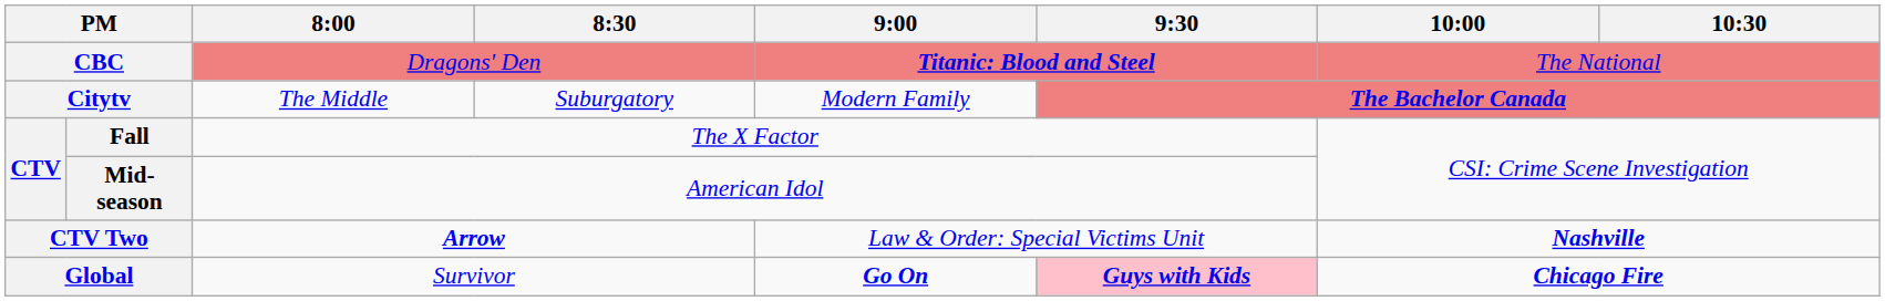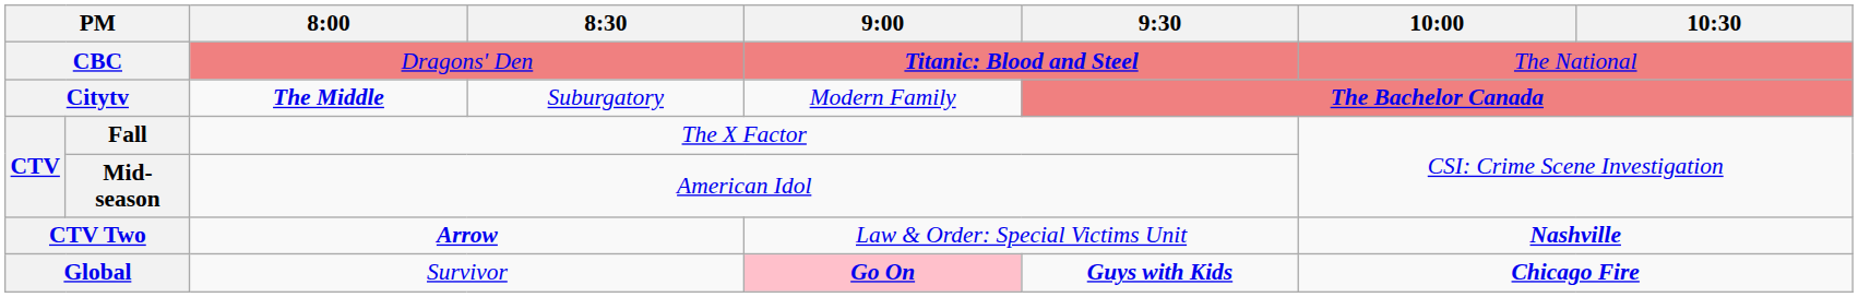 <table class="wikitable" style="width:100%;margin-right:0;text-align:center">
 <tr>
 <th colspan="2" style="width:10%;">PM</th>
 <th style="width:15%;">8:00</th>
 <th style="width:15%;">8:30</th>
 <th style="width:15%;">9:00</th>
 <th style="width:15%;">9:30</th>
 <th style="width:15%;">10:00</th>
 <th style="width:15%;">10:30</th>
 </tr>
 <tr>
 <th colspan="2"><a href='#'>CBC</a></th>
 <td colspan="2" style="background:#f08080;"><em><a href='#'>Dragons' Den</a></em></td>
 <td colspan="2" style="background:#f08080;"><strong><em><a href='#'>Titanic: Blood and Steel</a></em></strong></td>
 <td colspan="2" style="background:#f08080;"><em><a href='#'>The National</a></em></td>
 </tr>
 <tr>
 <th colspan="2"><a href='#'>Citytv</a></th>
-<td><em><a href='#'>The Middle</a></em></td>
+<td><strong><em><a href='#'>The Middle</a></em></strong></td>
 <td><em><a href='#'>Suburgatory</a></em></td>
 <td><em><a href='#'>Modern Family</a></em></td>
 <td colspan="3" bgcolor="#f08080"><strong><em><a href='#'>The Bachelor Canada</a></em></strong></td>
 </tr>
 <tr>
 <th rowspan="2"><a href='#'>CTV</a></th>
 <th>Fall</th>
 <td colspan="4"><em><a href='#'>The X Factor</a></em></td>
 <td colspan="2" rowspan="2"><em><a href='#'>CSI: Crime Scene Investigation</a></em></td>
 </tr>
 <tr>
 <th>Mid-season</th>
 <td colspan="4"><em><a href='#'>American Idol</a></em></td>
 </tr>
 <tr>
 <th colspan="2"><a href='#'>CTV Two</a></th>
 <td colspan="2"><strong><em><a href='#'>Arrow</a></em></strong></td>
 <td colspan="2"><em><a href='#'>Law & Order: Special Victims Unit</a></em></td>
 <td colspan="2"><strong><em><a href='#'>Nashville</a></em></strong></td>
 </tr>
 <tr>
 <th colspan="2"><a href='#'>Global</a></th>
 <td colspan="2"><em><a href='#'>Survivor</a></em></td>
-<td><strong><em><a href='#'>Go On</a></em></strong></td>
-<td style="background: pink;"><strong><em><a href='#'>Guys with Kids</a></em></strong></td>
+<td style="background: pink;"><strong><em><a href='#'>Go On</a></em></strong></td>
+<td><strong><em><a href='#'>Guys with Kids</a></em></strong></td>
 <td colspan="2"><strong><em><a href='#'>Chicago Fire</a></em></strong></td>
 </tr>
 </table>
